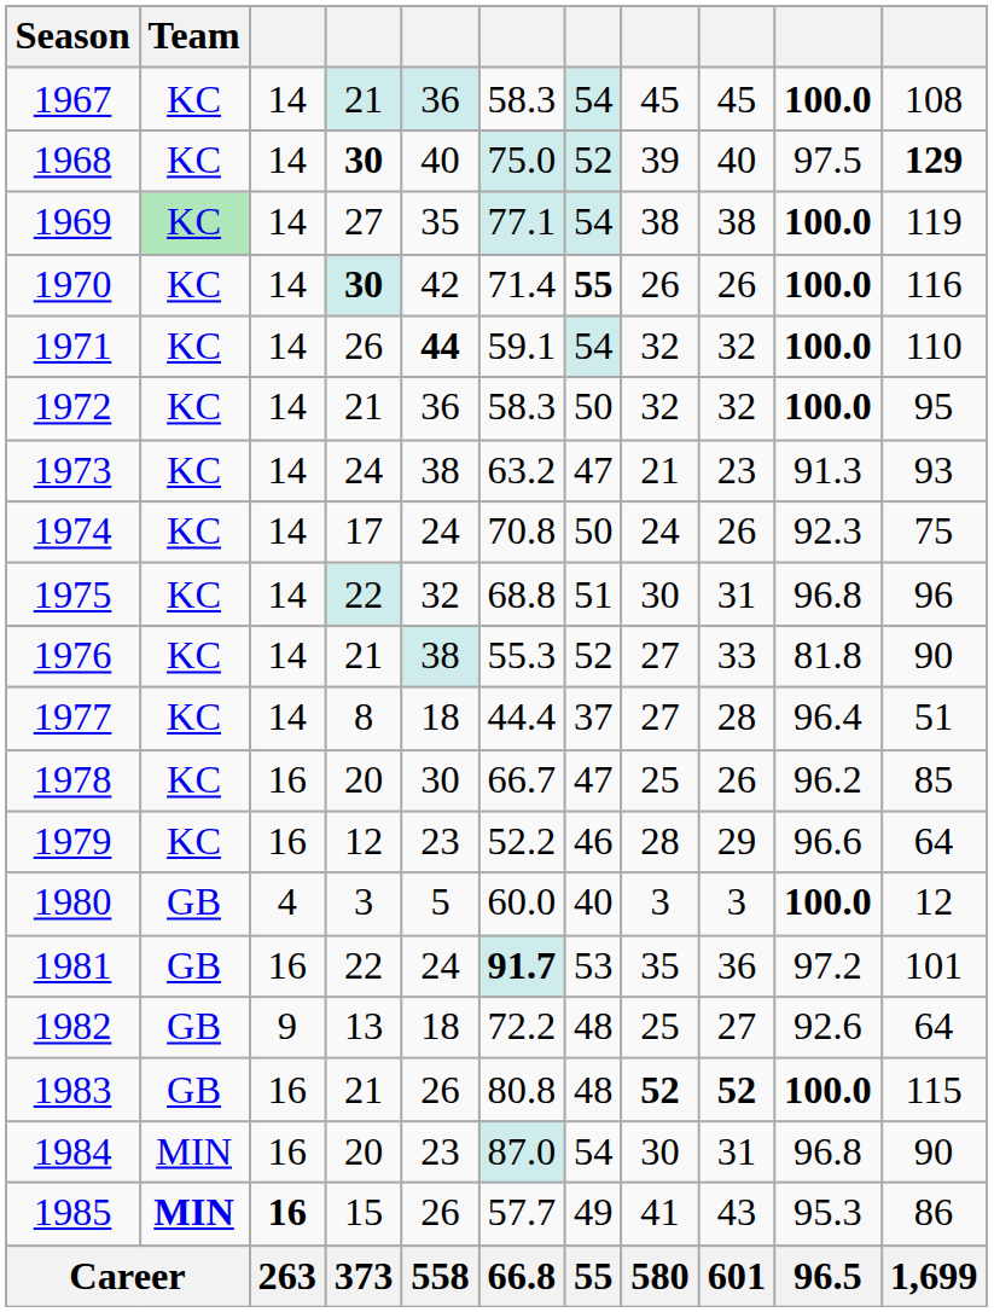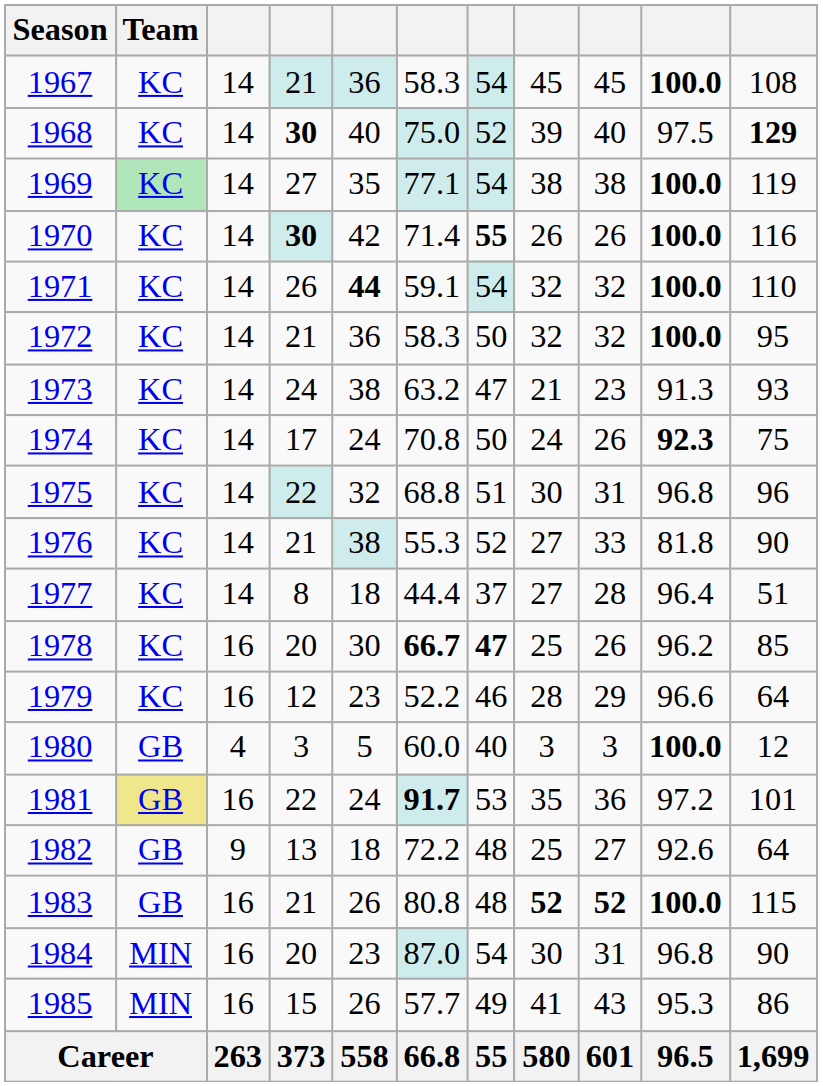 <table class="wikitable" style="text-align:center;">
 <tr>
 <th>Season</th>
 <th>Team</th>
 <th></th>
 <th></th>
 <th></th>
 <th></th>
 <th></th>
 <th></th>
 <th></th>
 <th></th>
 <th></th>
 </tr>
 <tr>
 <td><a href='#'>1967</a></td>
 <td><a href='#'>KC</a></td>
 <td>14</td>
 <td style="background:#cfecec;">21</td>
 <td style="background:#cfecec;">36</td>
 <td>58.3</td>
 <td style="background:#cfecec;">54</td>
 <td>45</td>
 <td>45</td>
 <td><strong>100.0</strong></td>
 <td>108</td>
 </tr>
 <tr>
 <td><a href='#'>1968</a></td>
 <td><a href='#'>KC</a></td>
 <td>14</td>
 <td><strong>30</strong></td>
 <td>40</td>
 <td style="background:#cfecec;">75.0</td>
 <td style="background:#cfecec;">52</td>
 <td>39</td>
 <td>40</td>
 <td>97.5</td>
 <td><strong>129</strong></td>
 </tr>
 <tr>
 <td><a href='#'>1969</a></td>
 <td style="background:#afe6ba;"><a href='#'>KC</a></td>
 <td>14</td>
 <td>27</td>
 <td>35</td>
 <td style="background:#cfecec;">77.1</td>
 <td style="background:#cfecec;">54</td>
 <td>38</td>
 <td>38</td>
 <td><strong>100.0</strong></td>
 <td>119</td>
 </tr>
 <tr>
 <td><a href='#'>1970</a></td>
 <td><a href='#'>KC</a></td>
 <td>14</td>
 <td style="background:#cfecec;"><strong>30</strong></td>
 <td>42</td>
 <td>71.4</td>
 <td><strong>55</strong></td>
 <td>26</td>
 <td>26</td>
 <td><strong>100.0</strong></td>
 <td>116</td>
 </tr>
 <tr>
 <td><a href='#'>1971</a></td>
 <td><a href='#'>KC</a></td>
 <td>14</td>
 <td>26</td>
 <td><strong>44</strong></td>
 <td>59.1</td>
 <td style="background:#cfecec;">54</td>
 <td>32</td>
 <td>32</td>
 <td><strong>100.0</strong></td>
 <td>110</td>
 </tr>
 <tr>
 <td><a href='#'>1972</a></td>
 <td><a href='#'>KC</a></td>
 <td>14</td>
 <td>21</td>
 <td>36</td>
 <td>58.3</td>
 <td>50</td>
 <td>32</td>
 <td>32</td>
 <td><strong>100.0</strong></td>
 <td>95</td>
 </tr>
 <tr>
 <td><a href='#'>1973</a></td>
 <td><a href='#'>KC</a></td>
 <td>14</td>
 <td>24</td>
 <td>38</td>
 <td>63.2</td>
 <td>47</td>
 <td>21</td>
 <td>23</td>
 <td>91.3</td>
 <td>93</td>
 </tr>
 <tr>
 <td><a href='#'>1974</a></td>
 <td><a href='#'>KC</a></td>
 <td>14</td>
 <td>17</td>
 <td>24</td>
 <td>70.8</td>
 <td>50</td>
 <td>24</td>
 <td>26</td>
-<td>92.3</td>
+<td><strong>92.3</strong></td>
 <td>75</td>
 </tr>
 <tr>
 <td><a href='#'>1975</a></td>
 <td><a href='#'>KC</a></td>
 <td>14</td>
 <td style="background:#cfecec;">22</td>
 <td>32</td>
 <td>68.8</td>
 <td>51</td>
 <td>30</td>
 <td>31</td>
 <td>96.8</td>
 <td>96</td>
 </tr>
 <tr>
 <td><a href='#'>1976</a></td>
 <td><a href='#'>KC</a></td>
 <td>14</td>
 <td>21</td>
 <td style="background:#cfecec;">38</td>
 <td>55.3</td>
 <td>52</td>
 <td>27</td>
 <td>33</td>
 <td>81.8</td>
 <td>90</td>
 </tr>
 <tr>
 <td><a href='#'>1977</a></td>
 <td><a href='#'>KC</a></td>
 <td>14</td>
 <td>8</td>
 <td>18</td>
 <td>44.4</td>
 <td>37</td>
 <td>27</td>
 <td>28</td>
 <td>96.4</td>
 <td>51</td>
 </tr>
 <tr>
 <td><a href='#'>1978</a></td>
 <td><a href='#'>KC</a></td>
 <td>16</td>
 <td>20</td>
 <td>30</td>
-<td>66.7</td>
-<td>47</td>
+<td><strong>66.7</strong></td>
+<td><strong>47</strong></td>
 <td>25</td>
 <td>26</td>
 <td>96.2</td>
 <td>85</td>
 </tr>
 <tr>
 <td><a href='#'>1979</a></td>
 <td><a href='#'>KC</a></td>
 <td>16</td>
 <td>12</td>
 <td>23</td>
 <td>52.2</td>
 <td>46</td>
 <td>28</td>
 <td>29</td>
 <td>96.6</td>
 <td>64</td>
 </tr>
 <tr>
 <td><a href='#'>1980</a></td>
 <td><a href='#'>GB</a></td>
 <td>4</td>
 <td>3</td>
 <td>5</td>
 <td>60.0</td>
 <td>40</td>
 <td>3</td>
 <td>3</td>
 <td><strong>100.0</strong></td>
 <td>12</td>
 </tr>
 <tr>
 <td><a href='#'>1981</a></td>
-<td><a href='#'>GB</a></td>
+<td style="background: khaki;"><a href='#'>GB</a></td>
 <td>16</td>
 <td>22</td>
 <td>24</td>
 <td style="background:#cfecec;"><strong>91.7</strong></td>
 <td>53</td>
 <td>35</td>
 <td>36</td>
 <td>97.2</td>
 <td>101</td>
 </tr>
 <tr>
 <td><a href='#'>1982</a></td>
 <td><a href='#'>GB</a></td>
 <td>9</td>
 <td>13</td>
 <td>18</td>
 <td>72.2</td>
 <td>48</td>
 <td>25</td>
 <td>27</td>
 <td>92.6</td>
 <td>64</td>
 </tr>
 <tr>
 <td><a href='#'>1983</a></td>
 <td><a href='#'>GB</a></td>
 <td>16</td>
 <td>21</td>
 <td>26</td>
 <td>80.8</td>
 <td>48</td>
 <td><strong>52</strong></td>
 <td><strong>52</strong></td>
 <td><strong>100.0</strong></td>
 <td>115</td>
 </tr>
 <tr>
 <td><a href='#'>1984</a></td>
 <td><a href='#'>MIN</a></td>
 <td>16</td>
 <td>20</td>
 <td>23</td>
 <td style="background:#cfecec;">87.0</td>
 <td>54</td>
 <td>30</td>
 <td>31</td>
 <td>96.8</td>
 <td>90</td>
 </tr>
 <tr>
 <td><a href='#'>1985</a></td>
-<td><strong><a href='#'>MIN</a></strong></td>
-<td><strong>16</strong></td>
+<td><a href='#'>MIN</a></td>
+<td>16</td>
 <td>15</td>
 <td>26</td>
 <td>57.7</td>
 <td>49</td>
 <td>41</td>
 <td>43</td>
 <td>95.3</td>
 <td>86</td>
 </tr>
 <tr>
 <th colspan="2">Career</th>
 <th>263</th>
 <th>373</th>
 <th>558</th>
 <th>66.8</th>
 <th>55</th>
 <th>580</th>
 <th>601</th>
 <th>96.5</th>
 <th>1,699</th>
 </tr>
 </table>
